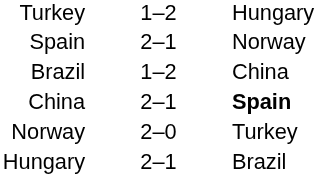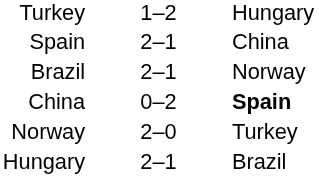 <table style="text-align:center">
 <tr>
 <th width=200></th>
 <th width=100></th>
 <th width=200></th>
 </tr>
 <tr>
 <td align=right>Turkey</td>
 <td>1–2</td>
 <td align=left>Hungary</td>
 </tr>
 <tr>
 <td align=right>Spain</td>
 <td>2–1</td>
+<td align=left>China</td>
+</tr>
+<tr>
+<td align=right>Brazil</td>
+<td>2–1</td>
 <td align=left>Norway</td>
 </tr>
 <tr>
-<td align=right>Brazil</td>
-<td>1–2</td>
-<td align=left>China</td>
-</tr>
-<tr>
 <td align=right>China</td>
-<td>2–1</td>
+<td>0–2</td>
 <td align=left><strong>Spain</strong></td>
 </tr>
 <tr>
 <td align=right>Norway</td>
 <td>2–0</td>
 <td align=left>Turkey</td>
 </tr>
 <tr>
 <td align=right>Hungary</td>
 <td>2–1</td>
 <td align=left>Brazil</td>
 </tr>
 <tr>
 </tr>
 </table>
